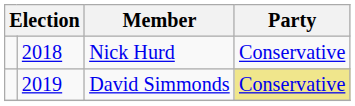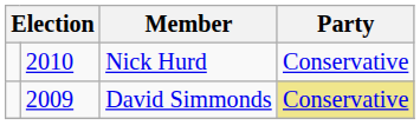 <table class="wikitable">
 <tr>
 <th colspan="2">Election</th>
 <th>Member</th>
 <th>Party</th>
 </tr>
 <tr>
 <td style="color:inherit;background-color: "></td>
-<td><a href='#'>2018</a></td>
+<td><a href='#'>2010</a></td>
 <td><a href='#'>Nick Hurd</a></td>
 <td><a href='#'>Conservative</a></td>
 </tr>
 <tr>
 <td style="color:inherit;background-color: "></td>
-<td><a href='#'>2019</a></td>
+<td><a href='#'>2009</a></td>
 <td><a href='#'>David Simmonds</a></td>
 <td style="background: khaki;"><a href='#'>Conservative</a></td>
 </tr>
 <tr>
 </tr>
 </table>
